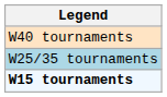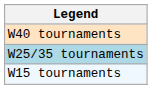 <table class="wikitable" style="font-size:85%;">
 <tr>
 <th>Legend</th>
 </tr>
 <tr style="background:#ffe4c4;">
 <td>W40 tournaments</td>
 </tr>
 <tr style="background:lightblue;">
 <td>W25/35 tournaments</td>
 </tr>
 <tr style="background:#f0f8ff;">
-<td><strong>W15 tournaments</strong></td>
+<td>W15 tournaments</td>
 </tr>
 </table>
